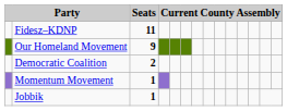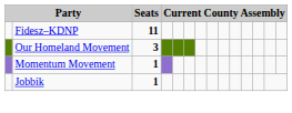 <table class="wikitable">
 <tr>
 <th style="background:#ccc" colspan="2">Party</th>
 <th style="background:#ccc">Seats</th>
 <th style="background:#ccc" colspan="11">Current County Assembly</th>
 </tr>
 <tr>
 <td style="background-color: "> </td>
 <td><a href='#'>Fidesz–KDNP</a></td>
 <td style="text-align: right"><strong>11</strong></td>
 <td style="background-color: "> </td>
 <td style="background-color: "> </td>
 <td style="background-color: "> </td>
 <td style="background-color: "> </td>
 <td style="background-color: "> </td>
 <td style="background-color: "> </td>
 <td style="background-color: "> </td>
 <td style="background-color: "> </td>
 <td style="background-color: "> </td>
 <td style="background-color: "> </td>
 <td style="background-color: "> </td>
 </tr>
 <tr>
 <td style="background-color: #568203"> </td>
 <td><a href='#'>Our Homeland Movement</a></td>
-<td style="text-align: right"><strong>9</strong></td>
+<td style="text-align: right"><strong>3</strong></td>
 <td style="background-color: #568203"> </td>
 <td style="background-color: #568203"> </td>
 <td style="background-color: #568203"> </td>
-<td> </td>
-<td> </td>
-<td> </td>
-<td> </td>
-<td> </td>
-<td> </td>
-<td> </td>
-</tr>
-<tr>
-<td style="background-color: "> </td>
-<td><a href='#'>Democratic Coalition</a></td>
-<td style="text-align: right"><strong>2</strong></td>
-<td style="background-color: "> </td>
-<td style="background-color: "> </td>
-<td> </td>
-<td> </td>
 <td> </td>
 <td> </td>
 <td> </td>
 <td> </td>
 <td> </td>
 <td> </td>
 <td> </td>
 </tr>
 <tr>
 <td style="background-color: #8E6FCE"> </td>
 <td><a href='#'>Momentum Movement</a></td>
 <td style="text-align: right"><strong>1</strong></td>
 <td style="background-color: #8E6FCE"> </td>
 <td> </td>
 <td> </td>
 <td> </td>
 <td> </td>
 <td> </td>
 <td> </td>
 <td> </td>
 <td> </td>
 <td> </td>
 <td> </td>
 </tr>
 <tr>
 <td style="background-color: "> </td>
 <td><a href='#'>Jobbik</a></td>
 <td style="text-align: right"><strong>1</strong></td>
 <td style="background-color: "> </td>
 <td> </td>
 <td> </td>
 <td> </td>
 <td> </td>
 <td> </td>
 <td> </td>
 <td> </td>
 <td> </td>
 </tr>
 </table>
